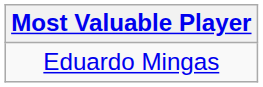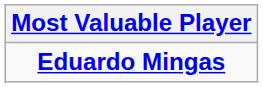 <table class=wikitable style="text-align:center; margin:auto">
 <tr>
 <th><a href='#'>Most Valuable Player</a></th>
 </tr>
 <tr>
-<td> <a href='#'>Eduardo Mingas</a></td>
+<td><strong> <a href='#'>Eduardo Mingas</a></strong></td>
 </tr>
 </table>
